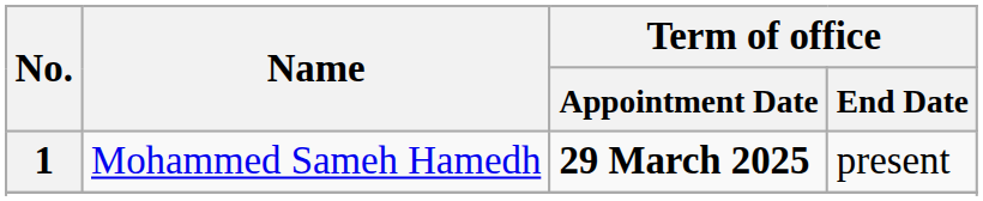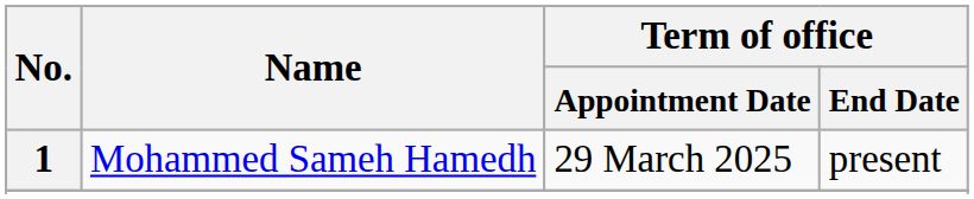 <table class="wikitable">
 <tr>
 <th rowspan="2">No.</th>
 <th rowspan="2">Name</th>
 <th colspan="3">Term of office</th>
 </tr>
 <tr>
 <th><small>Appointment Date</small></th>
 <th><small>End Date</small></th>
 </tr>
 <tr>
 <th>1</th>
 <td><a href='#'>Mohammed Sameh Hamedh</a></td>
-<td><strong>29 March 2025</strong></td>
+<td>29 March 2025</td>
 <td>present</td>
 </tr>
 <tr>
 </tr>
 <tr>
 </tr>
 </table>
